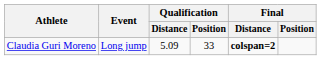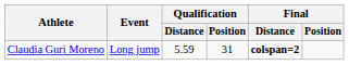 <table class=wikitable style="font-size:90%">
 <tr>
 <th rowspan="2">Athlete</th>
 <th rowspan="2">Event</th>
 <th colspan="2">Qualification</th>
 <th colspan="2">Final</th>
 </tr>
 <tr style="font-size:95%">
 <th>Distance</th>
 <th>Position</th>
 <th>Distance</th>
 <th>Position</th>
 </tr>
 <tr style=text-align:center>
 <td style=text-align:left><a href='#'>Claudia Guri Moreno</a></td>
 <td style=text-align:left><a href='#'>Long jump</a></td>
-<td>5.09</td>
-<td>33</td>
+<td>5.59</td>
+<td>31</td>
 <td><strong>colspan=2 </strong></td>
 </tr>
 </table>
